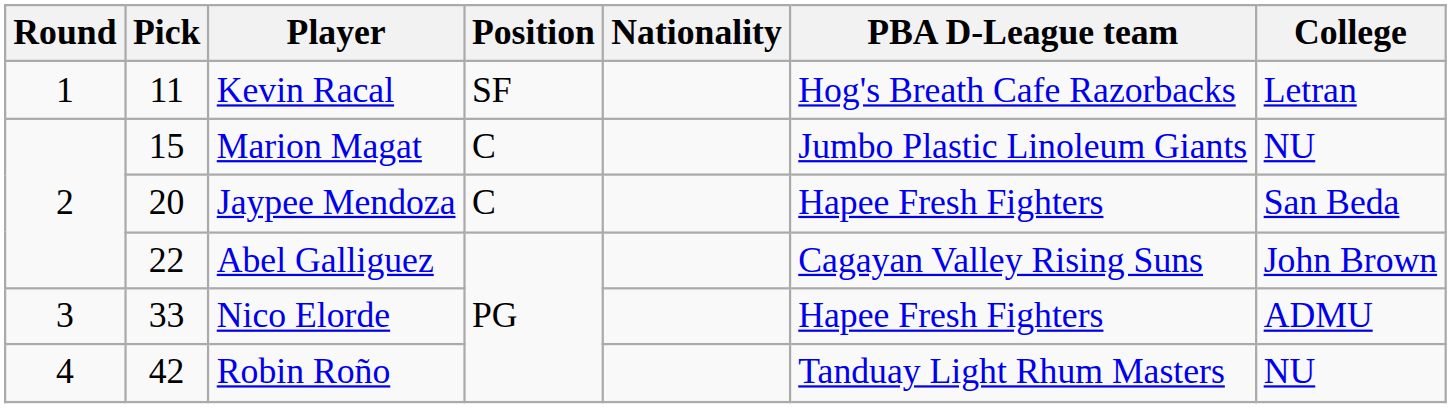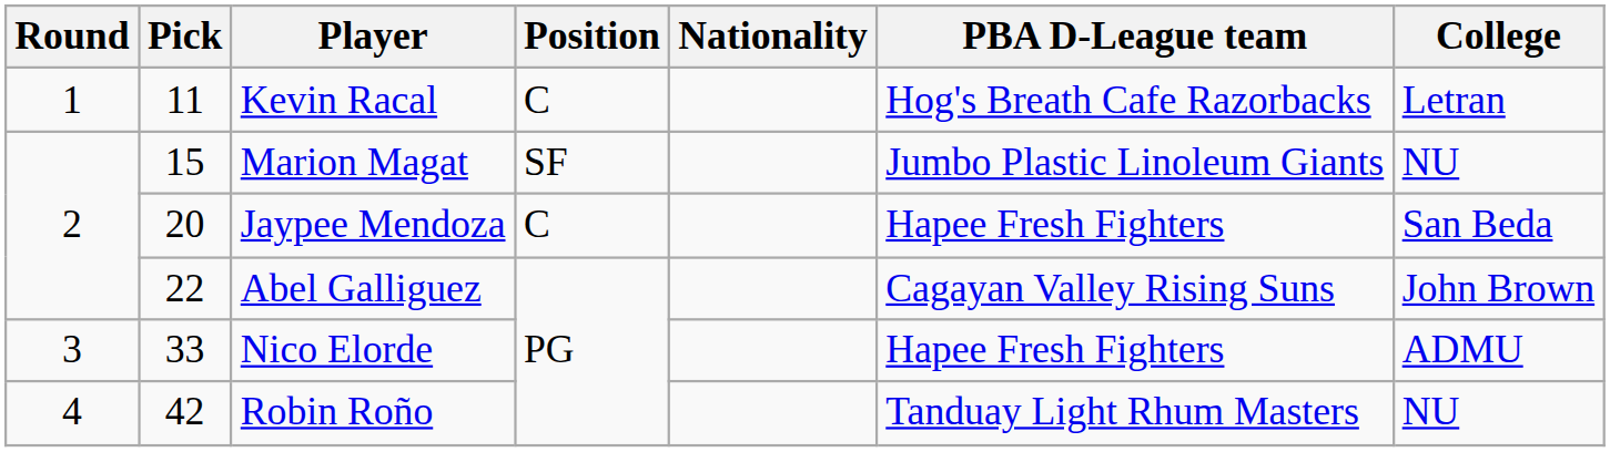 <table class="wikitable sortable sortable">
 <tr>
 <th>Round</th>
 <th>Pick</th>
 <th>Player</th>
 <th>Position</th>
 <th>Nationality</th>
 <th>PBA D-League team</th>
 <th>College</th>
 </tr>
 <tr>
 <td align=center>1</td>
 <td align=center>11</td>
 <td><a href='#'>Kevin Racal</a></td>
-<td>SF</td>
+<td>C</td>
 <td></td>
 <td><a href='#'>Hog's Breath Cafe Razorbacks</a></td>
 <td><a href='#'>Letran</a></td>
 </tr>
 <tr>
 <td align=center rowspan=3>2</td>
 <td align=center>15</td>
 <td><a href='#'>Marion Magat</a></td>
-<td>C</td>
+<td>SF</td>
 <td></td>
 <td><a href='#'>Jumbo Plastic Linoleum Giants</a></td>
 <td><a href='#'>NU</a></td>
 </tr>
 <tr>
 <td align=center>20</td>
 <td><a href='#'>Jaypee Mendoza</a></td>
 <td>C</td>
 <td></td>
 <td><a href='#'>Hapee Fresh Fighters</a></td>
 <td><a href='#'>San Beda</a></td>
 </tr>
 <tr>
 <td align=center>22</td>
 <td><a href='#'>Abel Galliguez</a></td>
 <td rowspan=3>PG</td>
 <td></td>
 <td><a href='#'>Cagayan Valley Rising Suns</a></td>
 <td><a href='#'>John Brown</a></td>
 </tr>
 <tr>
 <td align=center>3</td>
 <td align=center>33</td>
 <td><a href='#'>Nico Elorde</a></td>
 <td></td>
 <td><a href='#'>Hapee Fresh Fighters</a></td>
 <td><a href='#'>ADMU</a></td>
 </tr>
 <tr>
 <td align=center>4</td>
 <td align=center>42</td>
 <td><a href='#'>Robin Roño</a></td>
 <td></td>
 <td><a href='#'>Tanduay Light Rhum Masters</a></td>
 <td><a href='#'>NU</a></td>
 </tr>
 </table>
